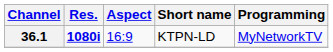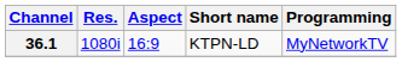 <table class="wikitable">
 <tr>
 <th scope = "col"><a href='#'>Channel</a></th>
 <th scope = "col"><a href='#'>Res.</a></th>
 <th scope = "col"><a href='#'>Aspect</a></th>
 <th scope = "col">Short name</th>
 <th scope = "col">Programming</th>
 </tr>
 <tr>
 <th scope = "row">36.1</th>
-<td><strong><a href='#'>1080i</a></strong></td>
+<td><a href='#'>1080i</a></td>
 <td><a href='#'>16:9</a></td>
 <td>KTPN-LD</td>
 <td><a href='#'>MyNetworkTV</a></td>
 </tr>
 <tr>
 </tr>
 </table>
